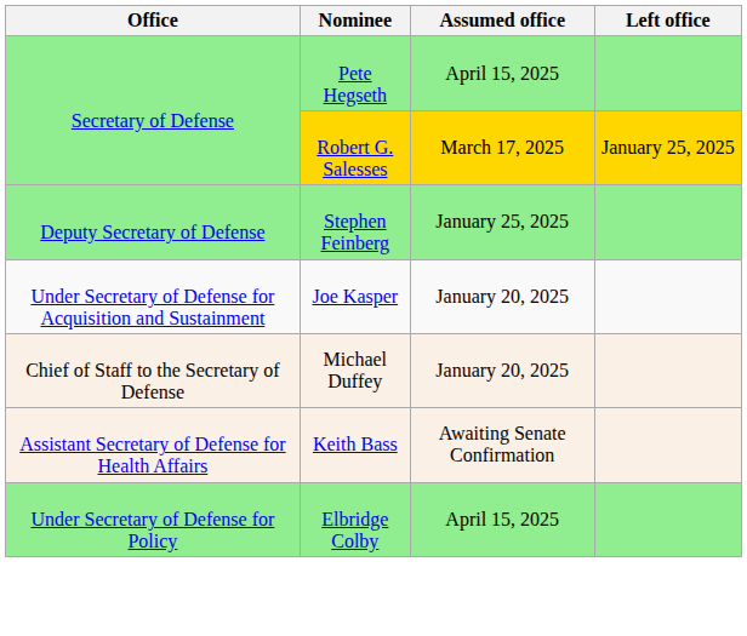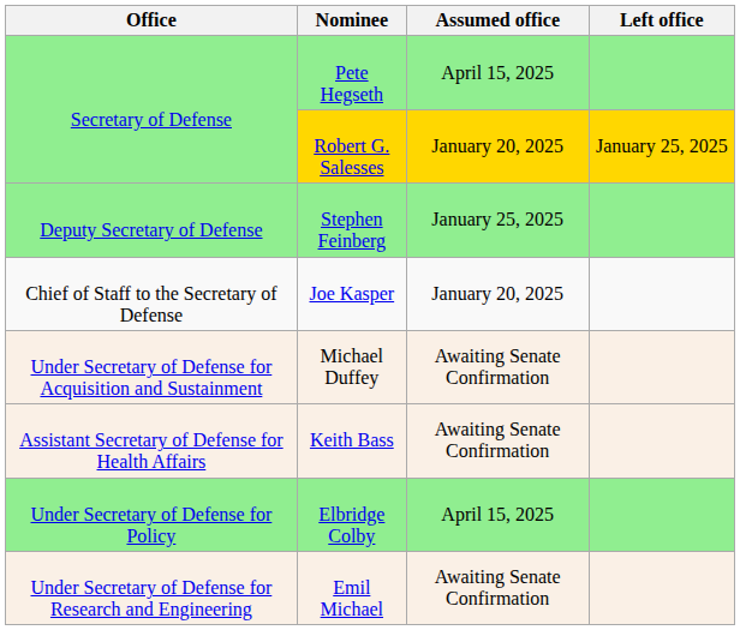 <table class="wikitable sortable" style="text-align:center">
 <tr>
 <th style="width:40%;">Office</th>
 <th style="width:15%;">Nominee</th>
 <th style="width:25%;" data-sort-="" type="date">Assumed office</th>
 <th style="width:20%;" data-sort-="" type="date">Left office</th>
 </tr>
 <tr style="background:lightgreen">
 <td rowspan="2"><br><a href='#'>Secretary of Defense</a></td>
 <td><br><a href='#'>Pete Hegseth</a></td>
 <td>April 15, 2025</td>
 <td></td>
 </tr>
 <tr style="background:gold">
 <td><br><a href='#'>Robert G. Salesses</a></td>
-<td>March 17, 2025</td>
+<td>January 20, 2025</td>
 <td>January 25, 2025</td>
 </tr>
 <tr style="background:lightgreen">
 <td><br><a href='#'>Deputy Secretary of Defense</a></td>
 <td><br><a href='#'>Stephen Feinberg</a></td>
 <td>January 25, 2025</td>
 <td></td>
 </tr>
 <tr>
-<td><br><a href='#'>Under Secretary of Defense for Acquisition and Sustainment</a></td>
+<td><br>Chief of Staff to the Secretary of Defense</td>
 <td><a href='#'>Joe Kasper</a></td>
 <td>January 20, 2025</td>
 <td></td>
 </tr>
 <tr style="background:linen">
-<td><br>Chief of Staff to the Secretary of Defense</td>
+<td><br><a href='#'>Under Secretary of Defense for Acquisition and Sustainment</a></td>
 <td>Michael Duffey</td>
-<td>January 20, 2025</td>
+<td>Awaiting Senate Confirmation</td>
 <td></td>
 </tr>
 <tr style="background:linen">
 <td><br><a href='#'>Assistant Secretary of Defense for Health Affairs</a></td>
 <td><a href='#'>Keith Bass</a></td>
 <td>Awaiting Senate Confirmation</td>
 <td></td>
 </tr>
 <tr style="background:lightgreen">
 <td><br><a href='#'>Under Secretary of Defense for Policy</a></td>
 <td><br><a href='#'>Elbridge Colby</a></td>
 <td>April 15, 2025</td>
 <td></td>
 </tr>
+<tr style="background:linen">
+<td><br><a href='#'>Under Secretary of Defense for Research and Engineering</a></td>
+<td><br><a href='#'>Emil Michael</a></td>
+<td>Awaiting Senate Confirmation</td>
+<td></td>
+</tr>
 </table>
